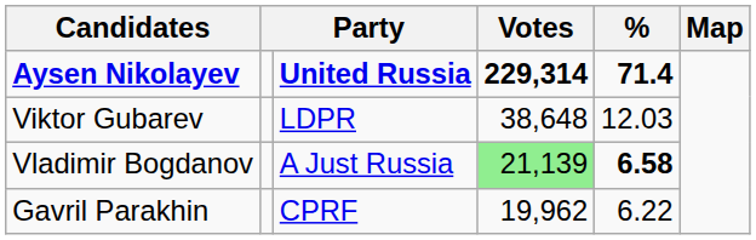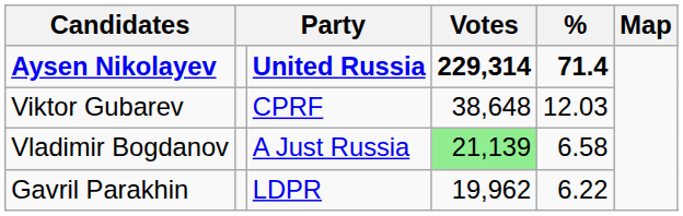 <table class="wikitable sortable">
 <tr>
 <th>Candidates</th>
 <th colspan="2">Party</th>
 <th>Votes</th>
 <th>%</th>
 <th class="unsortable">Map</th>
 </tr>
 <tr>
 <td><strong><a href='#'>Aysen Nikolayev</a></strong></td>
 <td style="background-color:"></td>
 <td><strong><a href='#'>United Russia</a></strong></td>
 <td align=right><strong>229,314</strong></td>
 <td align=right><strong>71.4</strong></td>
 <td rowspan = 4></td>
 </tr>
 <tr>
 <td>Viktor Gubarev</td>
 <td style="background-color:"></td>
-<td><a href='#'>LDPR</a></td>
+<td><a href='#'>CPRF</a></td>
 <td align=right>38,648</td>
 <td align=right>12.03</td>
 </tr>
 <tr>
 <td>Vladimir Bogdanov</td>
 <td style="background-color:"></td>
 <td><a href='#'>A Just Russia</a></td>
 <td align=right style="background: lightgreen;">21,139</td>
-<td align=right><strong>6.58</strong></td>
+<td align=right>6.58</td>
 </tr>
 <tr>
 <td>Gavril Parakhin</td>
 <td style="background-color:"></td>
-<td><a href='#'>CPRF</a></td>
+<td><a href='#'>LDPR</a></td>
 <td align=right>19,962</td>
 <td align=right>6.22</td>
 </tr>
 </table>
